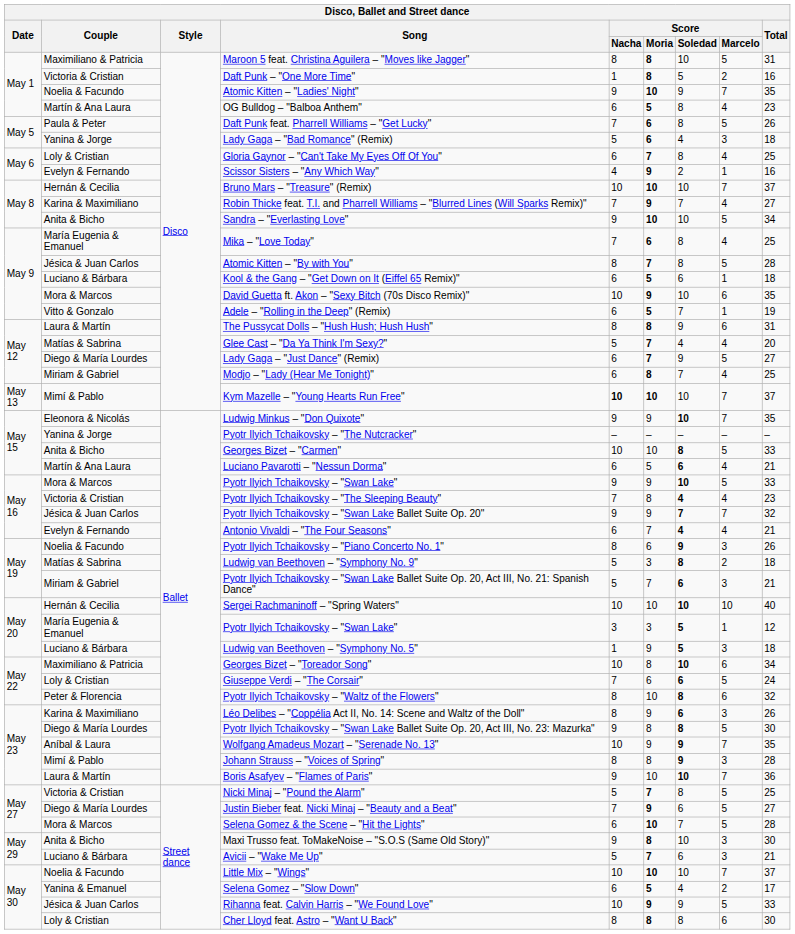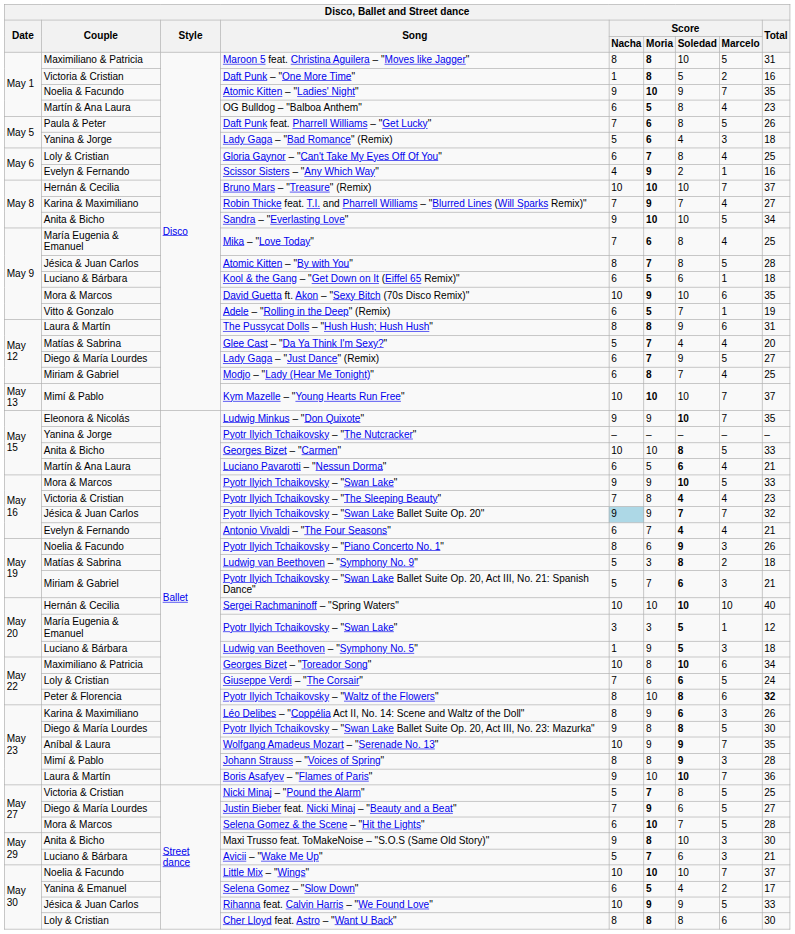 <table class="wikitable collapsible collapsed">
 <tr>
 <th colspan="11" style="text-align:center;"><strong>Disco, Ballet and Street dance</strong></th>
 </tr>
 <tr>
 <th rowspan="2">Date</th>
 <th rowspan="2">Couple</th>
 <th rowspan="2">Style</th>
 <th rowspan="2">Song</th>
 <th colspan="4">Score</th>
 <th rowspan="2">Total</th>
 </tr>
 <tr>
 <th>Nacha</th>
 <th>Moria</th>
 <th>Soledad</th>
 <th>Marcelo</th>
 </tr>
 <tr>
 <td rowspan="4">May 1</td>
 <td>Maximiliano & Patricia</td>
 <td rowspan="21"><a href='#'>Disco</a></td>
 <td><a href='#'>Maroon 5</a> feat. <a href='#'>Christina Aguilera</a> – "<a href='#'>Moves like Jagger</a>"</td>
 <td>8</td>
 <td><strong>8</strong></td>
 <td>10</td>
 <td>5</td>
 <td>31</td>
 </tr>
 <tr>
 <td>Victoria & Cristian</td>
 <td><a href='#'>Daft Punk</a> – "<a href='#'>One More Time</a>"</td>
 <td>1</td>
 <td><strong>8</strong></td>
 <td>5</td>
 <td>2</td>
 <td>16</td>
 </tr>
 <tr>
 <td>Noelia & Facundo</td>
 <td><a href='#'>Atomic Kitten</a> – "<a href='#'>Ladies' Night</a>"</td>
 <td>9</td>
 <td><strong>10</strong></td>
 <td>9</td>
 <td>7</td>
 <td>35</td>
 </tr>
 <tr>
 <td>Martín & Ana Laura</td>
 <td>OG Bulldog – "Balboa Anthem"</td>
 <td>6</td>
 <td><strong>5</strong></td>
 <td>8</td>
 <td>4</td>
 <td>23</td>
 </tr>
 <tr>
 <td rowspan="2">May 5</td>
 <td>Paula & Peter</td>
 <td><a href='#'>Daft Punk</a> feat. <a href='#'>Pharrell Williams</a> – "<a href='#'>Get Lucky</a>"</td>
 <td>7</td>
 <td><strong>6</strong></td>
 <td>8</td>
 <td>5</td>
 <td>26</td>
 </tr>
 <tr>
 <td>Yanina & Jorge</td>
 <td><a href='#'>Lady Gaga</a> – "<a href='#'>Bad Romance</a>" (Remix)</td>
 <td>5</td>
 <td><strong>6</strong></td>
 <td>4</td>
 <td>3</td>
 <td>18</td>
 </tr>
 <tr>
 <td rowspan="2">May 6</td>
 <td>Loly & Cristian</td>
 <td><a href='#'>Gloria Gaynor</a> – "<a href='#'>Can't Take My Eyes Off Of You</a>"</td>
 <td>6</td>
 <td><strong>7</strong></td>
 <td>8</td>
 <td>4</td>
 <td>25</td>
 </tr>
 <tr>
 <td>Evelyn & Fernando</td>
 <td><a href='#'>Scissor Sisters</a> – "<a href='#'>Any Which Way</a>"</td>
 <td>4</td>
 <td><strong>9</strong></td>
 <td>2</td>
 <td>1</td>
 <td>16</td>
 </tr>
 <tr>
 <td rowspan="3">May 8</td>
 <td>Hernán & Cecilia</td>
 <td><a href='#'>Bruno Mars</a> – "<a href='#'>Treasure</a>" (Remix)</td>
 <td>10</td>
 <td><strong>10</strong></td>
 <td>10</td>
 <td>7</td>
 <td>37</td>
 </tr>
 <tr>
 <td>Karina & Maximiliano</td>
 <td><a href='#'>Robin Thicke</a> feat. <a href='#'>T.I.</a> and <a href='#'>Pharrell Williams</a> – "<a href='#'>Blurred Lines</a> (<a href='#'>Will Sparks</a> Remix)"</td>
 <td>7</td>
 <td><strong>9</strong></td>
 <td>7</td>
 <td>4</td>
 <td>27</td>
 </tr>
 <tr>
 <td>Anita & Bicho</td>
 <td><a href='#'>Sandra</a> – "<a href='#'>Everlasting Love</a>"</td>
 <td>9</td>
 <td><strong>10</strong></td>
 <td>10</td>
 <td>5</td>
 <td>34</td>
 </tr>
 <tr>
 <td rowspan="5">May 9</td>
 <td>María Eugenia & Emanuel</td>
 <td><a href='#'>Mika</a> – "<a href='#'>Love Today</a>"</td>
 <td>7</td>
 <td><strong>6</strong></td>
 <td>8</td>
 <td>4</td>
 <td>25</td>
 </tr>
 <tr>
 <td>Jésica & Juan Carlos</td>
 <td><a href='#'>Atomic Kitten</a> – "<a href='#'>By with You</a>"</td>
 <td>8</td>
 <td><strong>7</strong></td>
 <td>8</td>
 <td>5</td>
 <td>28</td>
 </tr>
 <tr>
 <td>Luciano & Bárbara</td>
 <td><a href='#'>Kool & the Gang</a> – "<a href='#'>Get Down on It</a> (<a href='#'>Eiffel 65</a> Remix)"</td>
 <td>6</td>
 <td><strong>5</strong></td>
 <td>6</td>
 <td>1</td>
 <td>18</td>
 </tr>
 <tr>
 <td>Mora & Marcos</td>
 <td><a href='#'>David Guetta</a> ft. <a href='#'>Akon</a> – "<a href='#'>Sexy Bitch</a> (70s Disco Remix)"</td>
 <td>10</td>
 <td><strong>9</strong></td>
 <td>10</td>
 <td>6</td>
 <td>35</td>
 </tr>
 <tr>
 <td>Vitto & Gonzalo</td>
 <td><a href='#'>Adele</a> – "<a href='#'>Rolling in the Deep</a>" (Remix)</td>
 <td>6</td>
 <td><strong>5</strong></td>
 <td>7</td>
 <td>1</td>
 <td>19</td>
 </tr>
 <tr>
 <td rowspan="4">May 12</td>
 <td>Laura & Martín</td>
 <td><a href='#'>The Pussycat Dolls</a> – "<a href='#'>Hush Hush; Hush Hush</a>"</td>
 <td>8</td>
 <td><strong>8</strong></td>
 <td>9</td>
 <td>6</td>
 <td>31</td>
 </tr>
 <tr>
 <td>Matías & Sabrina</td>
 <td><a href='#'>Glee Cast</a> – "<a href='#'>Da Ya Think I'm Sexy?</a>"</td>
 <td>5</td>
 <td><strong>7</strong></td>
 <td>4</td>
 <td>4</td>
 <td>20</td>
 </tr>
 <tr>
 <td>Diego & María Lourdes</td>
 <td><a href='#'>Lady Gaga</a> – "<a href='#'>Just Dance</a>" (Remix)</td>
 <td>6</td>
 <td><strong>7</strong></td>
 <td>9</td>
 <td>5</td>
 <td>27</td>
 </tr>
 <tr>
 <td>Miriam & Gabriel</td>
 <td><a href='#'>Modjo</a> – "<a href='#'>Lady (Hear Me Tonight)</a>"</td>
 <td>6</td>
 <td><strong>8</strong></td>
 <td>7</td>
 <td>4</td>
 <td>25</td>
 </tr>
 <tr>
 <td>May 13</td>
 <td>Mimí & Pablo</td>
 <td><a href='#'>Kym Mazelle</a> – "<a href='#'>Young Hearts Run Free</a>"</td>
-<td><strong>10</strong></td>
+<td>10</td>
 <td><strong>10</strong></td>
 <td>10</td>
 <td>7</td>
 <td>37</td>
 </tr>
 <tr>
 <td rowspan="4">May 15</td>
 <td>Eleonora & Nicolás</td>
 <td rowspan="22"><a href='#'>Ballet</a></td>
 <td><a href='#'>Ludwig Minkus</a> – "<a href='#'>Don Quixote</a>"</td>
 <td>9</td>
 <td>9</td>
 <td><strong>10</strong></td>
 <td>7</td>
 <td>35</td>
 </tr>
 <tr>
 <td>Yanina & Jorge</td>
 <td><a href='#'>Pyotr Ilyich Tchaikovsky</a> – "<a href='#'>The Nutcracker</a>"</td>
 <td>–</td>
 <td>–</td>
 <td>–</td>
 <td>–</td>
 <td>–</td>
 </tr>
 <tr>
 <td>Anita & Bicho</td>
 <td><a href='#'>Georges Bizet</a> – "<a href='#'>Carmen</a>"</td>
 <td>10</td>
 <td>10</td>
 <td><strong>8</strong></td>
 <td>5</td>
 <td>33</td>
 </tr>
 <tr>
 <td>Martín & Ana Laura</td>
 <td><a href='#'>Luciano Pavarotti</a> – "<a href='#'>Nessun Dorma</a>"</td>
 <td>6</td>
 <td>5</td>
 <td><strong>6</strong></td>
 <td>4</td>
 <td>21</td>
 </tr>
 <tr>
 <td rowspan="4">May 16</td>
 <td>Mora & Marcos</td>
 <td><a href='#'>Pyotr Ilyich Tchaikovsky</a> – "<a href='#'>Swan Lake</a>"</td>
 <td>9</td>
 <td>9</td>
 <td><strong>10</strong></td>
 <td>5</td>
 <td>33</td>
 </tr>
 <tr>
 <td>Victoria & Cristian</td>
 <td><a href='#'>Pyotr Ilyich Tchaikovsky</a> – "<a href='#'>The Sleeping Beauty</a>"</td>
 <td>7</td>
 <td>8</td>
 <td><strong>4</strong></td>
 <td>4</td>
 <td>23</td>
 </tr>
 <tr>
 <td>Jésica & Juan Carlos</td>
 <td><a href='#'>Pyotr Ilyich Tchaikovsky</a> – "<a href='#'>Swan Lake</a> Ballet Suite Op. 20"</td>
-<td>9</td>
+<td style="background: lightblue;">9</td>
 <td>9</td>
 <td><strong>7</strong></td>
 <td>7</td>
 <td>32</td>
 </tr>
 <tr>
 <td>Evelyn & Fernando</td>
 <td><a href='#'>Antonio Vivaldi</a> – "<a href='#'>The Four Seasons</a>"</td>
 <td>6</td>
 <td>7</td>
 <td><strong>4</strong></td>
 <td>4</td>
 <td>21</td>
 </tr>
 <tr>
 <td rowspan="3">May 19</td>
 <td>Noelia & Facundo</td>
 <td><a href='#'>Pyotr Ilyich Tchaikovsky</a> – "<a href='#'>Piano Concerto No. 1</a>"</td>
 <td>8</td>
 <td>6</td>
 <td><strong>9</strong></td>
 <td>3</td>
 <td>26</td>
 </tr>
 <tr>
 <td>Matías & Sabrina</td>
 <td><a href='#'>Ludwig van Beethoven</a> – "<a href='#'>Symphony No. 9</a>"</td>
 <td>5</td>
 <td>3</td>
 <td><strong>8</strong></td>
 <td>2</td>
 <td>18</td>
 </tr>
 <tr>
 <td>Miriam & Gabriel</td>
 <td><a href='#'>Pyotr Ilyich Tchaikovsky</a> – "<a href='#'>Swan Lake</a> Ballet Suite Op. 20, Act III, No. 21: Spanish Dance"</td>
 <td>5</td>
 <td>7</td>
 <td><strong>6</strong></td>
 <td>3</td>
 <td>21</td>
 </tr>
 <tr>
 <td rowspan="3">May 20</td>
 <td>Hernán & Cecilia</td>
 <td><a href='#'>Sergei Rachmaninoff</a> – "Spring Waters"</td>
 <td>10</td>
 <td>10</td>
 <td><strong>10</strong></td>
 <td>10</td>
 <td>40</td>
 </tr>
 <tr>
 <td>María Eugenia & Emanuel</td>
 <td><a href='#'>Pyotr Ilyich Tchaikovsky</a> – "<a href='#'>Swan Lake</a>"</td>
 <td>3</td>
 <td>3</td>
 <td><strong>5</strong></td>
 <td>1</td>
 <td>12</td>
 </tr>
 <tr>
 <td>Luciano & Bárbara</td>
 <td><a href='#'>Ludwig van Beethoven</a> – "<a href='#'>Symphony No. 5</a>"</td>
 <td>1</td>
 <td>9</td>
 <td><strong>5</strong></td>
 <td>3</td>
 <td>18</td>
 </tr>
 <tr>
 <td rowspan="3">May 22</td>
 <td>Maximiliano & Patricia</td>
 <td><a href='#'>Georges Bizet</a> – "<a href='#'>Toreador Song</a>"</td>
 <td>10</td>
 <td>8</td>
 <td><strong>10</strong></td>
 <td>6</td>
 <td>34</td>
 </tr>
 <tr>
 <td>Loly & Cristian</td>
 <td><a href='#'>Giuseppe Verdi</a> – "<a href='#'>The Corsair</a>"</td>
 <td>7</td>
 <td>6</td>
 <td><strong>6</strong></td>
 <td>5</td>
 <td>24</td>
 </tr>
 <tr>
 <td>Peter & Florencia</td>
 <td><a href='#'>Pyotr Ilyich Tchaikovsky</a> – "<a href='#'>Waltz of the Flowers</a>"</td>
 <td>8</td>
 <td>10</td>
 <td><strong>8</strong></td>
 <td>6</td>
-<td>32</td>
+<td><strong>32</strong></td>
 </tr>
 <tr>
 <td rowspan="5">May 23</td>
 <td>Karina & Maximiliano</td>
 <td><a href='#'>Léo Delibes</a> – "<a href='#'>Coppélia</a> Act II, No. 14: Scene and Waltz of the Doll"</td>
 <td>8</td>
 <td>9</td>
 <td><strong>6</strong></td>
 <td>3</td>
 <td>26</td>
 </tr>
 <tr>
 <td>Diego & María Lourdes</td>
 <td><a href='#'>Pyotr Ilyich Tchaikovsky</a> – "<a href='#'>Swan Lake</a> Ballet Suite Op. 20, Act III, No. 23: Mazurka"</td>
 <td>9</td>
 <td>8</td>
 <td><strong>8</strong></td>
 <td>5</td>
 <td>30</td>
 </tr>
 <tr>
 <td>Aníbal & Laura</td>
 <td><a href='#'>Wolfgang Amadeus Mozart</a> – "<a href='#'>Serenade No. 13</a>"</td>
 <td>10</td>
 <td>9</td>
 <td><strong>9</strong></td>
 <td>7</td>
 <td>35</td>
 </tr>
 <tr>
 <td>Mimí & Pablo</td>
 <td><a href='#'>Johann Strauss</a> – "<a href='#'>Voices of Spring</a>"</td>
 <td>8</td>
 <td>8</td>
 <td><strong>9</strong></td>
 <td>3</td>
 <td>28</td>
 </tr>
 <tr>
 <td>Laura & Martín</td>
 <td><a href='#'>Boris Asafyev</a> – "<a href='#'>Flames of Paris</a>"</td>
 <td>9</td>
 <td>10</td>
 <td><strong>10</strong></td>
 <td>7</td>
 <td>36</td>
 </tr>
 <tr>
 <td rowspan="3">May 27</td>
 <td>Victoria & Cristian</td>
 <td rowspan="22"><a href='#'>Street dance</a></td>
 <td><a href='#'>Nicki Minaj</a> – "<a href='#'>Pound the Alarm</a>"</td>
 <td>5</td>
 <td><strong>7</strong></td>
 <td>8</td>
 <td>5</td>
 <td>25</td>
 </tr>
 <tr>
 <td>Diego & María Lourdes</td>
 <td><a href='#'>Justin Bieber</a> feat. <a href='#'>Nicki Minaj</a> – "<a href='#'>Beauty and a Beat</a>"</td>
 <td>7</td>
 <td><strong>9</strong></td>
 <td>6</td>
 <td>5</td>
 <td>27</td>
 </tr>
 <tr>
 <td>Mora & Marcos</td>
 <td><a href='#'>Selena Gomez & the Scene</a> – "<a href='#'>Hit the Lights</a>"</td>
 <td>6</td>
 <td><strong>10</strong></td>
 <td>7</td>
 <td>5</td>
 <td>28</td>
 </tr>
 <tr>
 <td rowspan="2">May 29</td>
 <td>Anita & Bicho</td>
 <td>Maxi Trusso feat. ToMakeNoise – "S.O.S (Same Old Story)"</td>
 <td>9</td>
 <td><strong>8</strong></td>
 <td>10</td>
 <td>3</td>
 <td>30</td>
 </tr>
 <tr>
 <td>Luciano & Bárbara</td>
 <td><a href='#'>Avicii</a> – "<a href='#'>Wake Me Up</a>"</td>
 <td>5</td>
 <td><strong>7</strong></td>
 <td>6</td>
 <td>3</td>
 <td>21</td>
 </tr>
 <tr>
 <td rowspan="4">May 30</td>
 <td>Noelia & Facundo</td>
 <td><a href='#'>Little Mix</a> – "<a href='#'>Wings</a>"</td>
 <td>10</td>
 <td><strong>10</strong></td>
 <td>10</td>
 <td>7</td>
 <td>37</td>
 </tr>
 <tr>
 <td>Yanina & Emanuel</td>
 <td><a href='#'>Selena Gomez</a> – "<a href='#'>Slow Down</a>"</td>
 <td>6</td>
 <td><strong>5</strong></td>
 <td>4</td>
 <td>2</td>
 <td>17</td>
 </tr>
 <tr>
 <td>Jésica & Juan Carlos</td>
 <td><a href='#'>Rihanna</a> feat. <a href='#'>Calvin Harris</a> – "<a href='#'>We Found Love</a>"</td>
 <td>10</td>
 <td><strong>9</strong></td>
 <td>9</td>
 <td>5</td>
 <td>33</td>
 </tr>
 <tr>
 <td>Loly & Cristian</td>
 <td><a href='#'>Cher Lloyd</a> feat. <a href='#'>Astro</a> – "<a href='#'>Want U Back</a>"</td>
 <td>8</td>
 <td><strong>8</strong></td>
 <td>8</td>
 <td>6</td>
 <td>30</td>
 </tr>
 </table>
